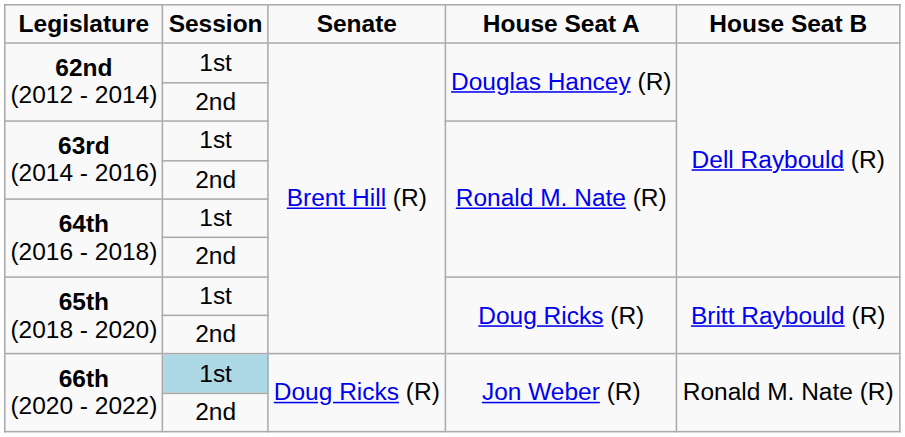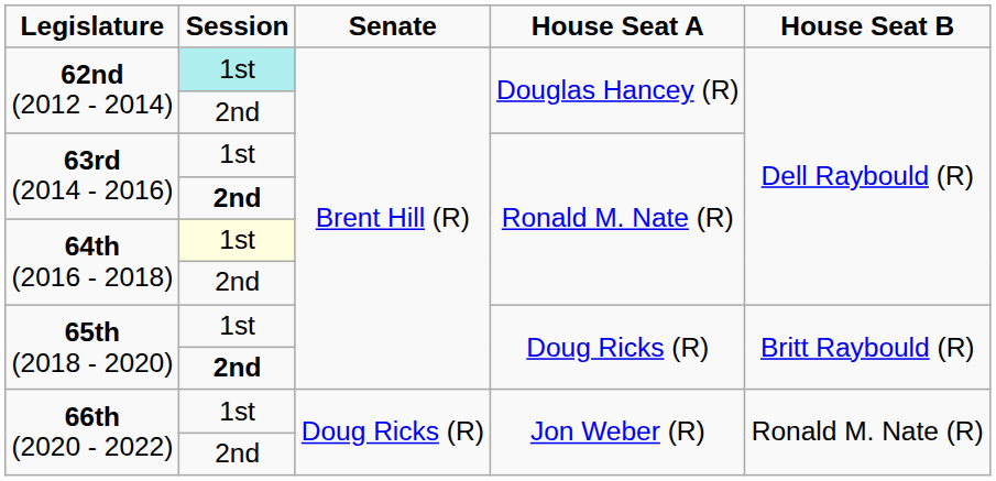 <table class=wikitable style="text-align:center">
 <tr>
 <td><strong>Legislature</strong></td>
 <td><strong>Session</strong></td>
 <td><strong>Senate</strong></td>
 <td><strong>House Seat A</strong></td>
 <td><strong>House Seat B</strong></td>
 </tr>
 <tr>
 <td rowspan="2" colspan="1" style="text-align: center;"><strong>62nd</strong> <br> (2012 - 2014)</td>
-<td>1st</td>
+<td style="background: paleturquoise;">1st</td>
 <td rowspan="8" colspan="1" style="text-align: center;" ><a href='#'>Brent Hill</a> (R)</td>
 <td rowspan="2" colspan="1" style="text-align: center;" ><a href='#'>Douglas Hancey</a> (R)</td>
 <td rowspan="6" colspan="1" style="text-align: center;" ><a href='#'>Dell Raybould</a> (R)</td>
 </tr>
 <tr>
 <td>2nd</td>
 </tr>
 <tr>
 <td rowspan="2" colspan="1" style="text-align: center;"><strong>63rd</strong> <br> (2014 - 2016)</td>
 <td>1st</td>
 <td rowspan="4" colspan="1" style="text-align: center;" ><a href='#'>Ronald M. Nate</a> (R)</td>
 </tr>
 <tr>
-<td>2nd</td>
+<td><strong>2nd</strong></td>
 </tr>
 <tr>
 <td rowspan="2" colspan="1" style="text-align: center;"><strong>64th</strong> <br> (2016 - 2018)</td>
-<td>1st</td>
+<td style="background: lightyellow;">1st</td>
 </tr>
 <tr>
 <td>2nd</td>
 </tr>
 <tr>
 <td rowspan="2" colspan="1" style="text-align: center;"><strong>65th</strong> <br> (2018 - 2020)</td>
 <td>1st</td>
 <td rowspan="2" colspan="1" style="text-align: center;" ><a href='#'>Doug Ricks</a> (R)</td>
 <td rowspan="2" colspan="1" style="text-align: center;" ><a href='#'>Britt Raybould</a> (R)</td>
 </tr>
 <tr>
-<td>2nd</td>
+<td><strong>2nd</strong></td>
 </tr>
 <tr>
 <td rowspan="2" colspan="1" style="text-align: center;"><strong>66th</strong> <br> (2020 - 2022)</td>
-<td style="background: lightblue;">1st</td>
+<td>1st</td>
 <td rowspan="2" colspan="1" style="text-align: center;" ><a href='#'>Doug Ricks</a> (R)</td>
 <td rowspan="2" colspan="1" style="text-align: center;" ><a href='#'>Jon Weber</a> (R)</td>
 <td rowspan="2" colspan="1" style="text-align: center;" >Ronald M. Nate (R)</td>
 </tr>
 <tr>
 <td>2nd</td>
 </tr>
 </table>
